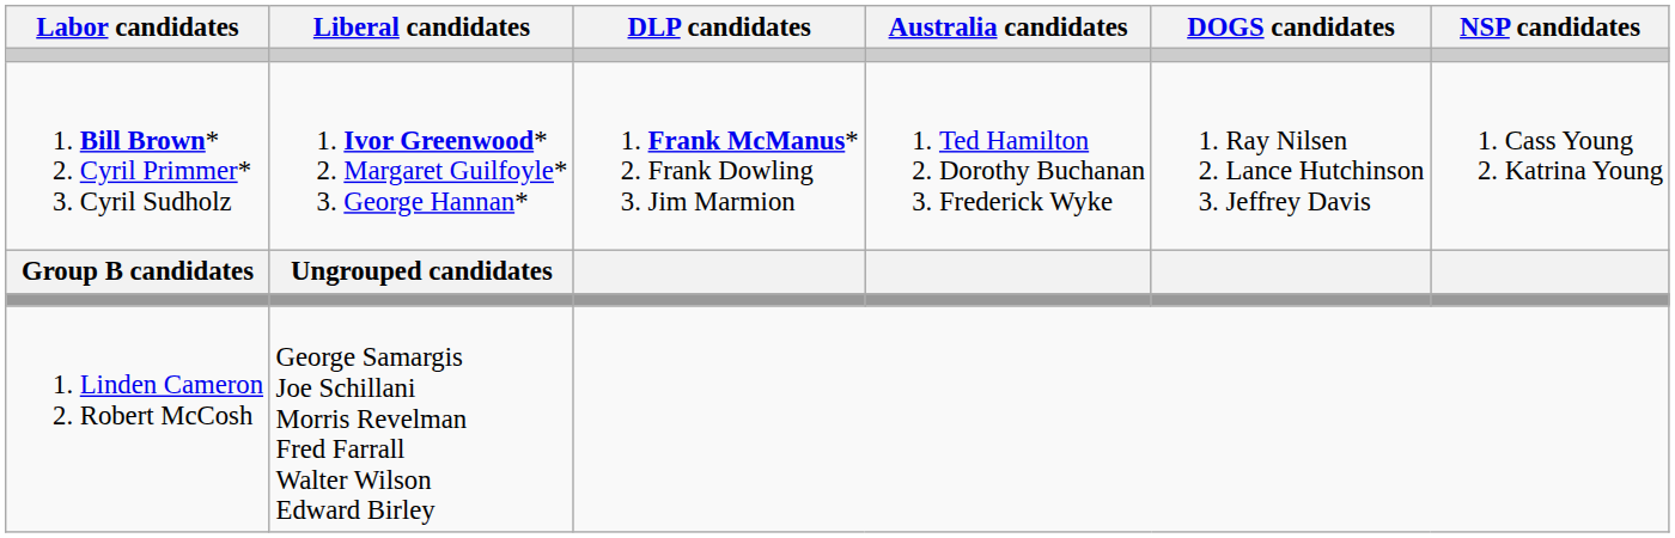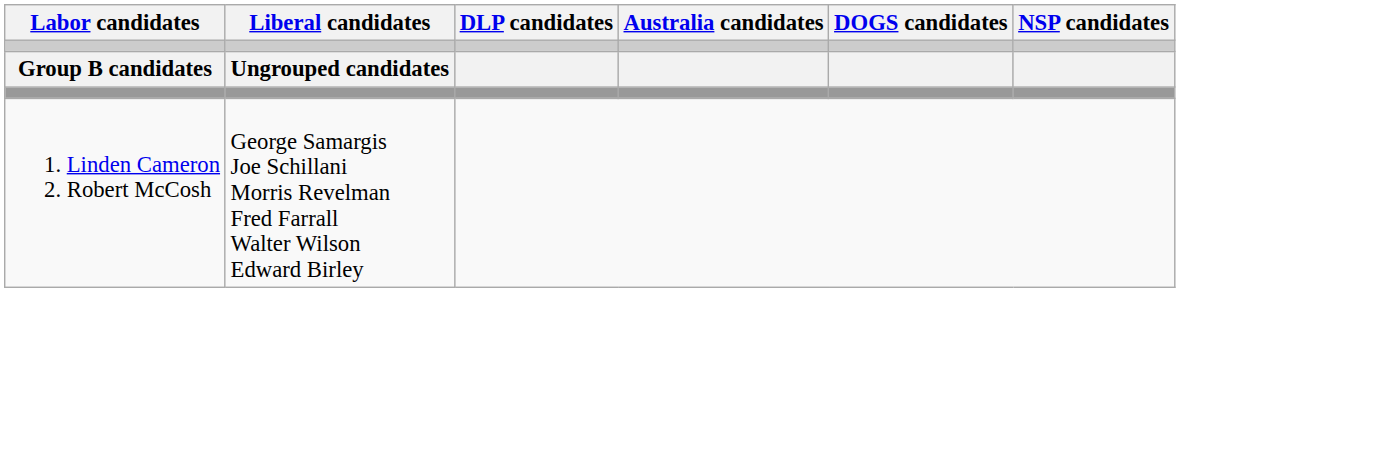 <table class="wikitable">
 <tr>
 <th><a href='#'>Labor</a> candidates</th>
 <th><a href='#'>Liberal</a> candidates</th>
 <th><a href='#'>DLP</a> candidates</th>
 <th><a href='#'>Australia</a> candidates</th>
 <th><a href='#'>DOGS</a> candidates</th>
 <th><a href='#'>NSP</a> candidates</th>
 </tr>
 <tr bgcolor="#cccccc">
 <td></td>
 <td></td>
 <td></td>
 <td></td>
 <td></td>
 <td></td>
-</tr>
-<tr>
-<td><br><ol><li><strong><a href='#'>Bill Brown</a></strong>*</li><li><a href='#'>Cyril Primmer</a>*</li><li>Cyril Sudholz</li></ol></td>
-<td><br><ol><li><strong><a href='#'>Ivor Greenwood</a></strong>*</li><li><a href='#'>Margaret Guilfoyle</a>*</li><li><a href='#'>George Hannan</a>*</li></ol></td>
-<td><br><ol><li><strong><a href='#'>Frank McManus</a></strong>*</li><li>Frank Dowling</li><li>Jim Marmion</li></ol></td>
-<td valign=top><br><ol><li><a href='#'>Ted Hamilton</a></li><li>Dorothy Buchanan</li><li>Frederick Wyke</li></ol></td>
-<td valign=top><br><ol><li>Ray Nilsen</li><li>Lance Hutchinson</li><li>Jeffrey Davis</li></ol></td>
-<td valign=top><br><ol><li>Cass Young</li><li>Katrina Young</li></ol></td>
 </tr>
 <tr bgcolor="#cccccc">
 <th>Group B candidates</th>
 <th>Ungrouped candidates</th>
 <th></th>
 <th></th>
 <th></th>
 <th></th>
 </tr>
 <tr bgcolor="#cccccc">
 <td bgcolor="#999999"></td>
 <td bgcolor="#999999"></td>
 <td bgcolor="#999999"></td>
 <td bgcolor="#999999"></td>
 <td bgcolor="#999999"></td>
 <td bgcolor="#999999"></td>
 </tr>
 <tr>
 <td valign=top><br><ol><li><a href='#'>Linden Cameron</a></li><li>Robert McCosh</li></ol></td>
 <td valign=top><br>George Samargis<br> Joe Schillani<br> Morris Revelman<br> Fred Farrall<br> Walter Wilson<br> Edward Birley</td>
 </tr>
 </table>
